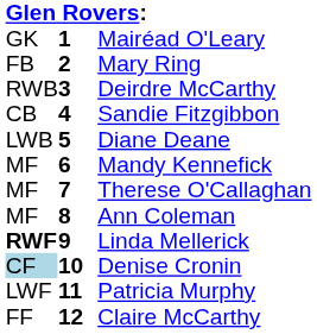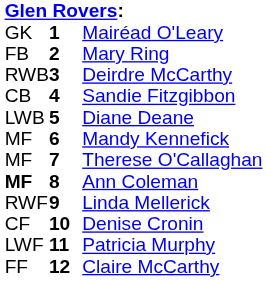 <table style="font-size: 90%" cellspacing="0" cellpadding="0" align=center>
 <tr>
 <td colspan="4"><strong><a href='#'>Glen Rovers</a>:</strong></td>
 </tr>
 <tr>
 <th width="25"></th>
 <th width="25"></th>
 </tr>
 <tr>
 <td>GK</td>
 <td><strong>1</strong></td>
 <td><a href='#'>Mairéad O'Leary</a></td>
 </tr>
 <tr>
 <td>FB</td>
 <td><strong>2</strong></td>
 <td><a href='#'>Mary Ring</a></td>
 </tr>
 <tr>
 <td>RWB</td>
 <td><strong>3</strong></td>
 <td><a href='#'>Deirdre McCarthy</a></td>
 </tr>
 <tr>
 <td>CB</td>
 <td><strong>4</strong></td>
 <td><a href='#'>Sandie Fitzgibbon</a></td>
 </tr>
 <tr>
 <td>LWB</td>
 <td><strong>5</strong></td>
 <td><a href='#'>Diane Deane</a></td>
 </tr>
 <tr>
 <td>MF</td>
 <td><strong>6</strong></td>
 <td><a href='#'>Mandy Kennefick</a></td>
 </tr>
 <tr>
 <td>MF</td>
 <td><strong>7</strong></td>
 <td><a href='#'>Therese O'Callaghan</a></td>
 </tr>
 <tr>
-<td>MF</td>
+<td><strong>MF</strong></td>
 <td><strong>8</strong></td>
 <td><a href='#'>Ann Coleman</a></td>
 </tr>
 <tr>
-<td><strong>RWF</strong></td>
+<td>RWF</td>
 <td><strong>9</strong></td>
 <td><a href='#'>Linda Mellerick</a></td>
 </tr>
 <tr>
-<td style="background: lightblue;">CF</td>
+<td>CF</td>
 <td><strong>10</strong></td>
 <td><a href='#'>Denise Cronin</a></td>
 </tr>
 <tr>
 <td>LWF</td>
 <td><strong>11</strong></td>
 <td><a href='#'>Patricia Murphy</a></td>
 </tr>
 <tr>
 <td>FF</td>
 <td><strong>12</strong></td>
 <td><a href='#'>Claire McCarthy</a></td>
 </tr>
 <tr>
 </tr>
 </table>
